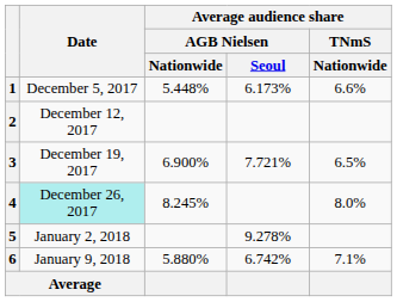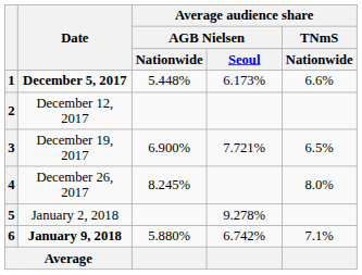 <table class="wikitable" style="text-align:center">
 <tr>
 <th rowspan="3"></th>
 <th rowspan="3" width="125">Date</th>
 <th colspan="3">Average audience share</th>
 </tr>
 <tr>
 <th colspan="2">AGB Nielsen</th>
 <th colspan="1">TNmS</th>
 </tr>
 <tr>
 <th width="80">Nationwide</th>
 <th width="80"><a href='#'>Seoul</a></th>
 <th width="80">Nationwide</th>
 </tr>
 <tr>
 <th>1</th>
-<td>December 5, 2017</td>
+<td><strong>December 5, 2017</strong></td>
 <td>5.448%</td>
 <td>6.173%</td>
 <td>6.6%</td>
 </tr>
 <tr>
 <th>2</th>
 <td>December 12, 2017</td>
 <td></td>
 <td></td>
 <td></td>
 </tr>
 <tr>
 <th>3</th>
 <td>December 19, 2017</td>
 <td>6.900%</td>
 <td>7.721%</td>
 <td>6.5%</td>
 </tr>
 <tr>
 <th>4</th>
-<td style="background: paleturquoise;">December 26, 2017</td>
+<td>December 26, 2017</td>
 <td>8.245%</td>
 <td></td>
 <td>8.0%</td>
 </tr>
 <tr>
 <th>5</th>
 <td>January 2, 2018</td>
 <td></td>
 <td>9.278%</td>
 <td></td>
 </tr>
 <tr>
 <th>6</th>
-<td>January 9, 2018</td>
+<td><strong>January 9, 2018</strong></td>
 <td>5.880%</td>
 <td>6.742%</td>
 <td>7.1%</td>
 </tr>
 <tr>
 <th colspan="2">Average</th>
 <th></th>
 <th></th>
 <th></th>
 </tr>
 </table>
